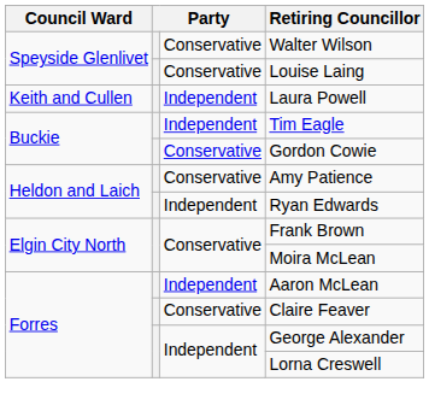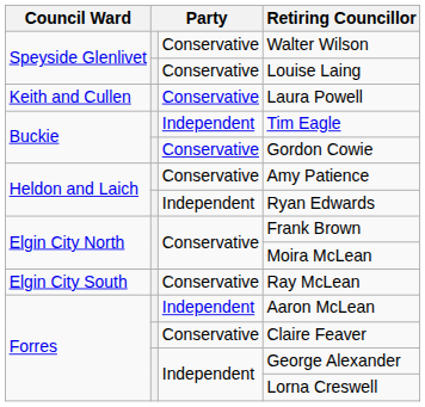 <table class="wikitable sortable">
 <tr>
 <th scope="col">Council Ward</th>
 <th colspan="2" scope="col">Party</th>
 <th scope="col">Retiring Councillor</th>
 </tr>
 <tr>
 <td rowspan="2" scope="row"><a href='#'>Speyside Glenlivet</a></td>
 <th style="background-color: "></th>
 <td>Conservative</td>
 <td>Walter Wilson</td>
 </tr>
 <tr>
 <th style="background-color: "></th>
 <td>Conservative</td>
 <td>Louise Laing</td>
 </tr>
 <tr>
 <td><a href='#'>Keith and Cullen</a></td>
 <th style="background-color: "></th>
-<td><a href='#'>Independent</a></td>
+<td><a href='#'>Conservative</a></td>
 <td>Laura Powell</td>
 </tr>
 <tr>
 <td rowspan="2" scope="row"><a href='#'>Buckie</a></td>
 <th rowspan="1" style="background-color: "></th>
 <td><a href='#'>Independent</a></td>
 <td><a href='#'>Tim Eagle</a></td>
 </tr>
 <tr>
 <th style="background-color: "></th>
 <td><a href='#'>Conservative</a></td>
 <td>Gordon Cowie</td>
 </tr>
 <tr>
 <td rowspan="2" scope="row"><a href='#'>Heldon and Laich</a></td>
 <th style="background-color: "></th>
 <td>Conservative</td>
 <td>Amy Patience</td>
 </tr>
 <tr>
 <th style="background-color: "></th>
 <td>Independent</td>
 <td>Ryan Edwards</td>
 </tr>
 <tr>
 <td rowspan="2" scope="row"><a href='#'>Elgin City North</a></td>
 <th rowspan="2" style="background-color: "></th>
 <td rowspan="2">Conservative</td>
 <td>Frank Brown</td>
 </tr>
 <tr>
 <td>Moira McLean</td>
 </tr>
 <tr>
+<td><a href='#'>Elgin City South</a></td>
+<th style="background-color: "></th>
+<td>Conservative</td>
+<td>Ray McLean</td>
+</tr>
+<tr>
 <td rowspan="4" scope="row"><a href='#'>Forres</a></td>
 <th style="background-color: "></th>
 <td><a href='#'>Independent</a></td>
 <td>Aaron McLean</td>
 </tr>
 <tr>
 <th style="background-color: "></th>
 <td>Conservative</td>
 <td>Claire Feaver</td>
 </tr>
 <tr>
 <th rowspan="2" style="background-color: "></th>
 <td rowspan="2">Independent</td>
 <td>George Alexander</td>
 </tr>
 <tr>
 <td>Lorna Creswell</td>
 </tr>
 </table>
